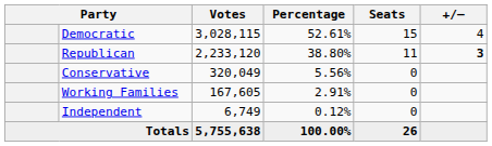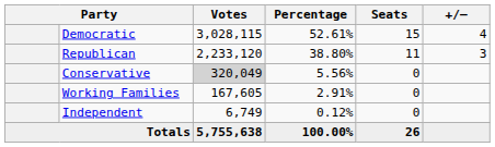 <table class="wikitable" style="font-size: 95%;">
 <tr style="background:#eee; text-align:center;">
 <th colspan=2 style="width: 15em">Party</th>
 <th style="width: 5em">Votes</th>
 <th style="width: 7em">Percentage</th>
 <th style="width: 5em">Seats</th>
 <th style="width: 5em">+/–</th>
 </tr>
 <tr>
 <th style="background:"></th>
 <td style="width: 130px"><a href='#'>Democratic</a></td>
 <td style="text-align:right;">3,028,115</td>
 <td style="text-align:right;">52.61%</td>
 <td style="text-align:right;">15</td>
 <td style="text-align:right;"> 4</td>
 </tr>
 <tr>
 <th style="background:"></th>
 <td style="width: 130px"><a href='#'>Republican</a></td>
 <td style="text-align:right;">2,233,120</td>
 <td style="text-align:right;">38.80%</td>
 <td style="text-align:right;">11</td>
-<td style="text-align:right;"><strong> 3</strong></td>
+<td style="text-align:right;"> 3</td>
 </tr>
 <tr>
 <th style="background:"></th>
 <td style="width: 130px"><a href='#'>Conservative</a></td>
-<td style="text-align:right;">320,049</td>
+<td style="background: lightgrey; text-align:right;">320,049</td>
 <td style="text-align:right;">5.56%</td>
 <td style="text-align:right;">0</td>
 <td style="text-align:right;"></td>
 </tr>
 <tr>
 <th style="background:"></th>
 <td style="width: 130px"><a href='#'>Working Families</a></td>
 <td style="text-align:right;">167,605</td>
 <td style="text-align:right;">2.91%</td>
 <td style="text-align:right;">0</td>
 <td style="text-align:right;"></td>
 </tr>
 <tr>
 <th style="background:"></th>
 <td style="width: 130px"><a href='#'>Independent</a></td>
 <td style="text-align:right;">6,749</td>
 <td style="text-align:right;">0.12%</td>
 <td style="text-align:right;">0</td>
 <td style="text-align:right;"></td>
 </tr>
 <tr style="background:#eee; text-align:right;">
 <td colspan="2"><strong>Totals</strong></td>
 <td><strong>5,755,638</strong></td>
 <td><strong>100.00%</strong></td>
 <td><strong>26</strong></td>
 <td></td>
 </tr>
 </table>
